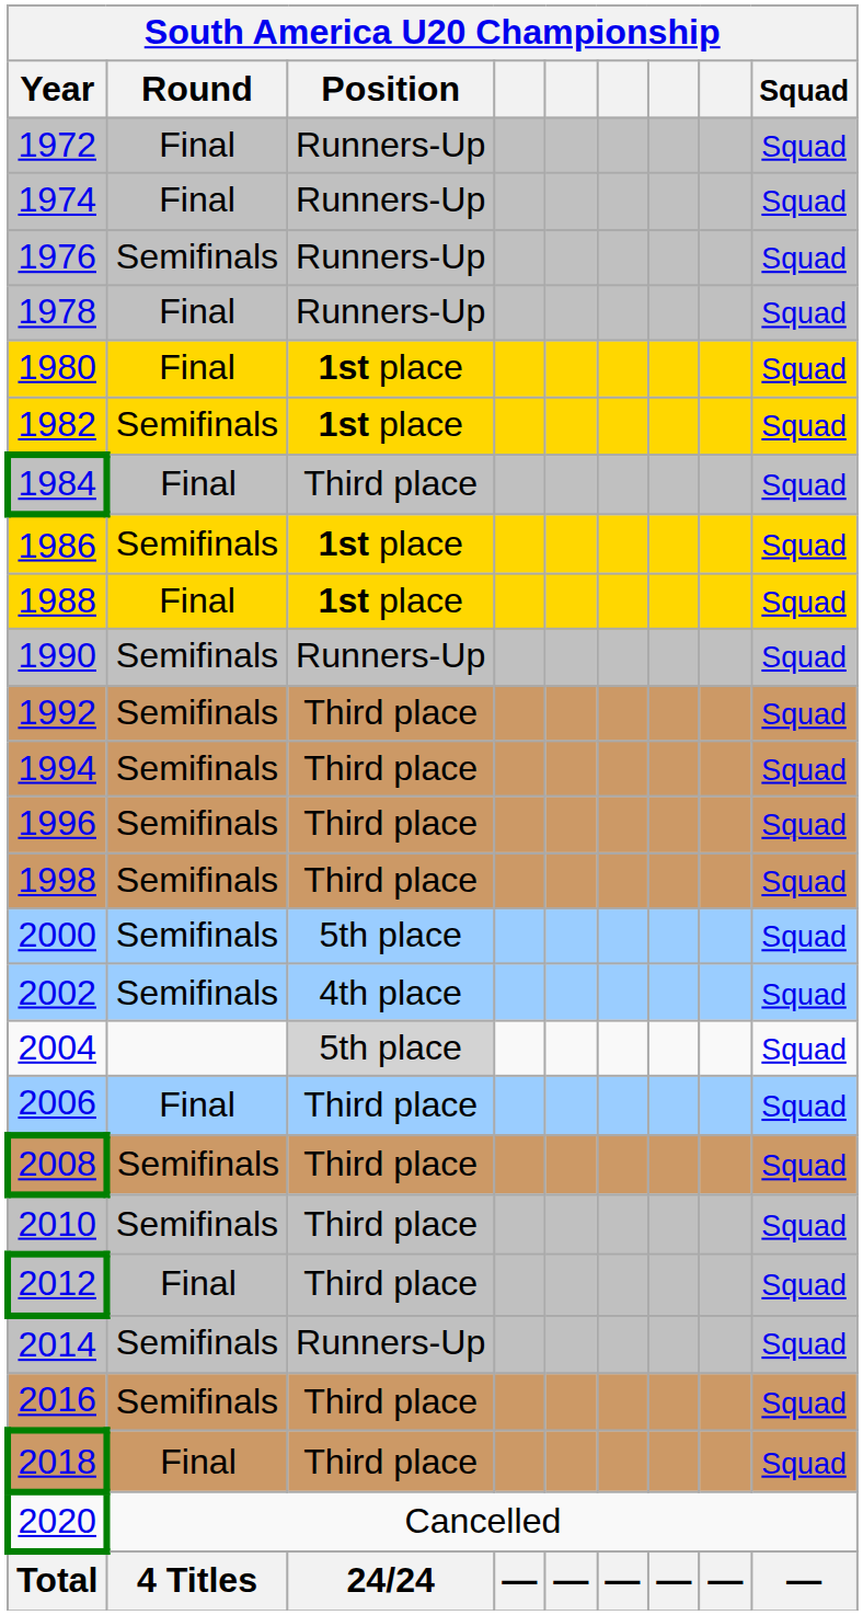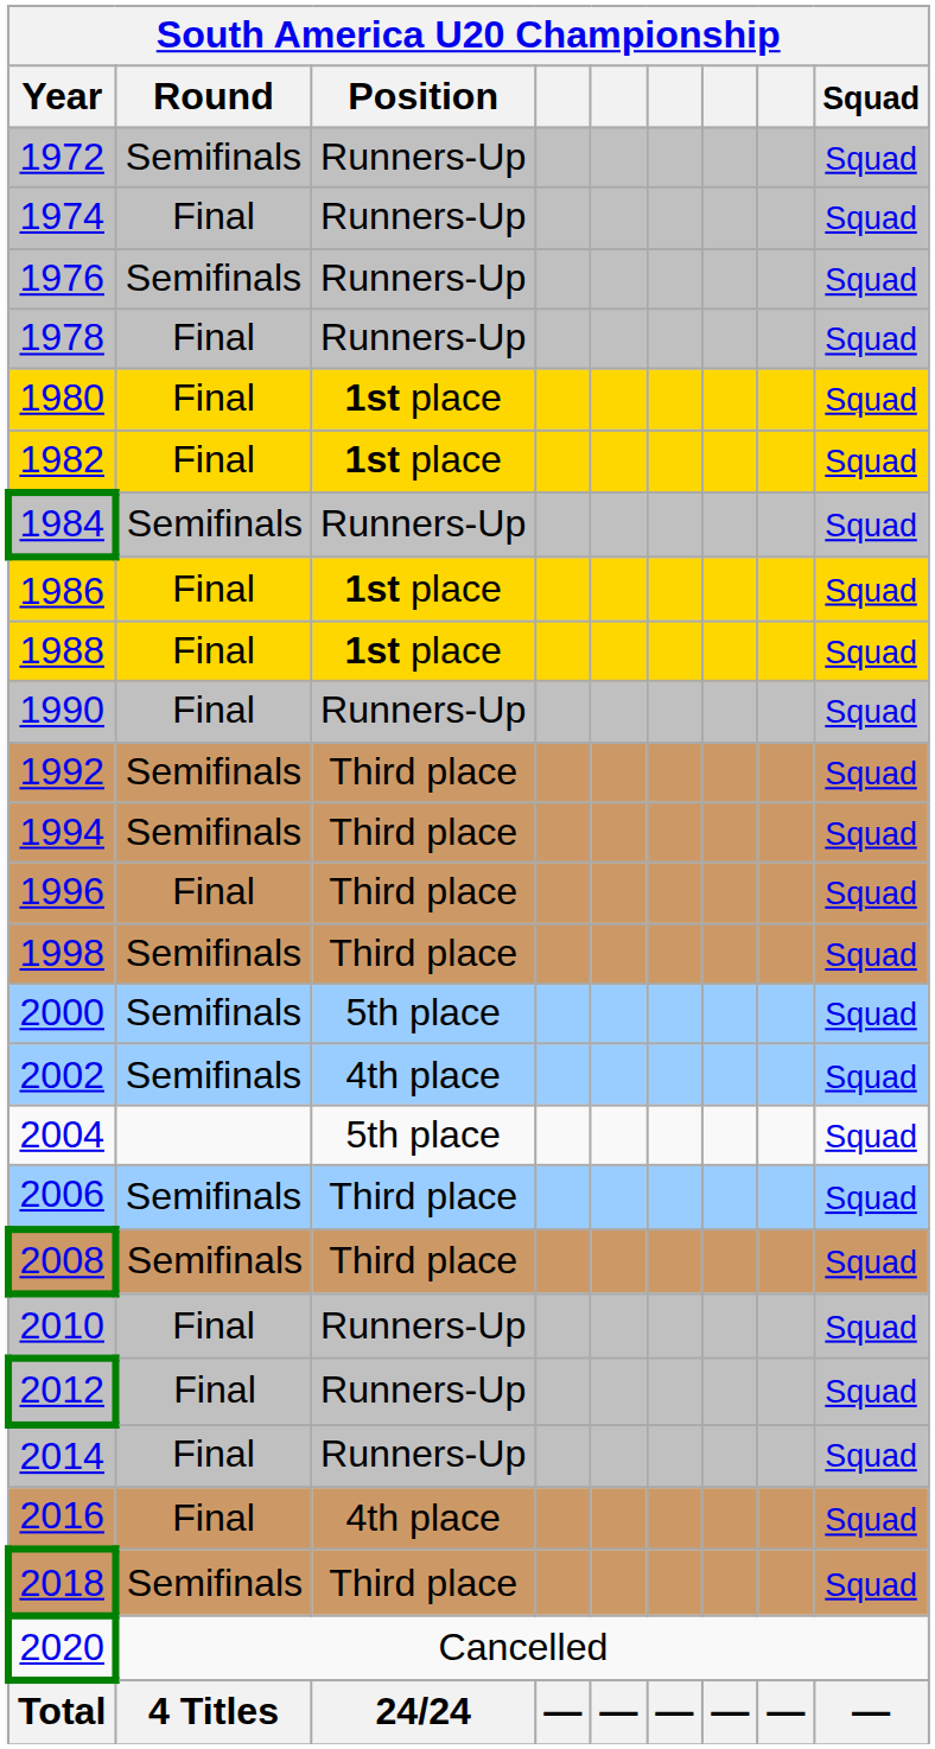 <table class="wikitable" style="text-align: center;">
 <tr>
 <th colspan=9><a href='#'>South America U20 Championship</a></th>
 </tr>
 <tr>
 <th>Year</th>
 <th>Round</th>
 <th>Position</th>
 <th></th>
 <th></th>
 <th></th>
 <th></th>
 <th></th>
 <th><small>Squad</small></th>
 </tr>
 <tr bgcolor=silver>
 <td> <a href='#'>1972</a></td>
-<td>Final</td>
+<td>Semifinals</td>
 <td>Runners-Up</td>
 <td></td>
 <td></td>
 <td></td>
 <td></td>
 <td></td>
 <td><small> <a href='#'>Squad</a></small></td>
 </tr>
 <tr bgcolor=silver>
 <td> <a href='#'>1974</a></td>
 <td>Final</td>
 <td>Runners-Up</td>
 <td></td>
 <td></td>
 <td></td>
 <td></td>
 <td></td>
 <td><small> <a href='#'>Squad</a></small></td>
 </tr>
 <tr bgcolor=silver>
 <td> <a href='#'>1976</a></td>
 <td>Semifinals</td>
 <td>Runners-Up</td>
 <td></td>
 <td></td>
 <td></td>
 <td></td>
 <td></td>
 <td><small> <a href='#'>Squad</a></small></td>
 </tr>
 <tr bgcolor=silver>
 <td> <a href='#'>1978</a></td>
 <td>Final</td>
 <td>Runners-Up</td>
 <td></td>
 <td></td>
 <td></td>
 <td></td>
 <td></td>
 <td><small> <a href='#'>Squad</a></small></td>
 </tr>
 <tr bgcolor=gold>
 <td> <a href='#'>1980</a></td>
 <td>Final</td>
 <td><strong>1st</strong> place</td>
 <td></td>
 <td></td>
 <td></td>
 <td></td>
 <td></td>
 <td><small> <a href='#'>Squad</a></small></td>
 </tr>
 <tr bgcolor=gold>
 <td> <a href='#'>1982</a></td>
-<td>Semifinals</td>
+<td>Final</td>
 <td><strong>1st</strong> place</td>
 <td></td>
 <td></td>
 <td></td>
 <td></td>
 <td></td>
 <td><small> <a href='#'>Squad</a></small></td>
 </tr>
 <tr bgcolor=silver>
 <td style="border:3px solid green"> <a href='#'>1984</a></td>
-<td>Final</td>
-<td>Third place</td>
+<td>Semifinals</td>
+<td>Runners-Up</td>
 <td></td>
 <td></td>
 <td></td>
 <td></td>
 <td></td>
 <td><small> <a href='#'>Squad</a></small></td>
 </tr>
 <tr bgcolor=gold>
 <td> <a href='#'>1986</a></td>
-<td>Semifinals</td>
+<td>Final</td>
 <td><strong>1st</strong> place</td>
 <td></td>
 <td></td>
 <td></td>
 <td></td>
 <td></td>
 <td><small> <a href='#'>Squad</a></small></td>
 </tr>
 <tr bgcolor=gold>
 <td> <a href='#'>1988</a></td>
 <td>Final</td>
 <td><strong>1st</strong> place</td>
 <td></td>
 <td></td>
 <td></td>
 <td></td>
 <td></td>
 <td><small> <a href='#'>Squad</a></small></td>
 </tr>
 <tr bgcolor=silver>
 <td> <a href='#'>1990</a></td>
-<td>Semifinals</td>
+<td>Final</td>
 <td>Runners-Up</td>
 <td></td>
 <td></td>
 <td></td>
 <td></td>
 <td></td>
 <td><small> <a href='#'>Squad</a></small></td>
 </tr>
 <tr bgcolor=cc9966>
 <td> <a href='#'>1992</a></td>
 <td>Semifinals</td>
 <td>Third place</td>
 <td></td>
 <td></td>
 <td></td>
 <td></td>
 <td></td>
 <td><small> <a href='#'>Squad</a></small></td>
 </tr>
 <tr bgcolor=cc9966>
 <td> <a href='#'>1994</a></td>
 <td>Semifinals</td>
 <td>Third place</td>
 <td></td>
 <td></td>
 <td></td>
 <td></td>
 <td></td>
 <td><small> <a href='#'>Squad</a></small></td>
 </tr>
 <tr bgcolor=cc9966>
 <td> <a href='#'>1996</a></td>
-<td>Semifinals</td>
+<td>Final</td>
 <td>Third place</td>
 <td></td>
 <td></td>
 <td></td>
 <td></td>
 <td></td>
 <td><small> <a href='#'>Squad</a></small></td>
 </tr>
 <tr bgcolor=cc9966>
 <td> <a href='#'>1998</a></td>
 <td>Semifinals</td>
 <td>Third place</td>
 <td></td>
 <td></td>
 <td></td>
 <td></td>
 <td></td>
 <td><small> <a href='#'>Squad</a></small></td>
 </tr>
 <tr bgcolor=9acdff>
 <td> <a href='#'>2000</a></td>
 <td>Semifinals</td>
 <td>5th place</td>
 <td></td>
 <td></td>
 <td></td>
 <td></td>
 <td></td>
 <td><small> <a href='#'>Squad</a></small></td>
 </tr>
 <tr bgcolor=9acdff>
 <td> <a href='#'>2002</a></td>
 <td>Semifinals</td>
 <td>4th place</td>
 <td></td>
 <td></td>
 <td></td>
 <td></td>
 <td></td>
 <td><small> <a href='#'>Squad</a></small></td>
 </tr>
 <tr>
 <td> <a href='#'>2004</a></td>
 <td></td>
-<td style="background: lightgrey;">5th place</td>
+<td>5th place</td>
 <td></td>
 <td></td>
 <td></td>
 <td></td>
 <td></td>
 <td><small> <a href='#'>Squad</a></small></td>
 </tr>
 <tr bgcolor=9acdff>
 <td> <a href='#'>2006</a></td>
-<td>Final</td>
+<td>Semifinals</td>
 <td>Third place</td>
 <td></td>
 <td></td>
 <td></td>
 <td></td>
 <td></td>
 <td><small> <a href='#'>Squad</a></small></td>
 </tr>
 <tr bgcolor=cc9966>
 <td style="border:3px solid green"> <a href='#'>2008</a></td>
 <td>Semifinals</td>
 <td>Third place</td>
 <td></td>
 <td></td>
 <td></td>
 <td></td>
 <td></td>
 <td><small> <a href='#'>Squad</a></small></td>
 </tr>
 <tr bgcolor=silver>
 <td> <a href='#'>2010</a></td>
-<td>Semifinals</td>
-<td>Third place</td>
+<td>Final</td>
+<td>Runners-Up</td>
 <td></td>
 <td></td>
 <td></td>
 <td></td>
 <td></td>
 <td><small> <a href='#'>Squad</a></small></td>
 </tr>
 <tr bgcolor=silver>
 <td style="border:3px solid green"> <a href='#'>2012</a></td>
 <td>Final</td>
-<td>Third place</td>
+<td>Runners-Up</td>
 <td></td>
 <td></td>
 <td></td>
 <td></td>
 <td></td>
 <td><small> <a href='#'>Squad</a></small></td>
 </tr>
 <tr bgcolor=silver>
 <td> <a href='#'>2014</a></td>
-<td>Semifinals</td>
+<td>Final</td>
 <td>Runners-Up</td>
 <td></td>
 <td></td>
 <td></td>
 <td></td>
 <td></td>
 <td><small> <a href='#'>Squad</a></small></td>
 </tr>
 <tr bgcolor=cc9966>
 <td> <a href='#'>2016</a></td>
-<td>Semifinals</td>
-<td>Third place</td>
+<td>Final</td>
+<td>4th place</td>
 <td></td>
 <td></td>
 <td></td>
 <td></td>
 <td></td>
 <td><small> <a href='#'>Squad</a></small></td>
 </tr>
 <tr bgcolor=cc9966>
 <td style="border:3px solid green"> <a href='#'>2018</a></td>
-<td>Final</td>
+<td>Semifinals</td>
 <td>Third place</td>
 <td></td>
 <td></td>
 <td></td>
 <td></td>
 <td></td>
 <td><small> <a href='#'>Squad</a></small></td>
 </tr>
 <tr>
 <td style="border:3px solid green"> <a href='#'>2020</a></td>
 <td colspan="8">Cancelled</td>
 </tr>
 <tr>
 <th>Total</th>
 <th>4 Titles</th>
 <th>24/24</th>
 <th>—</th>
 <th>—</th>
 <th>—</th>
 <th>—</th>
 <th>—</th>
 <th>—</th>
 </tr>
 </table>
